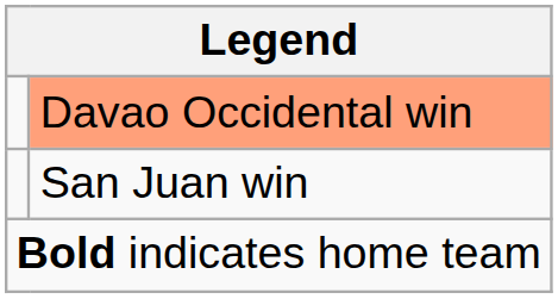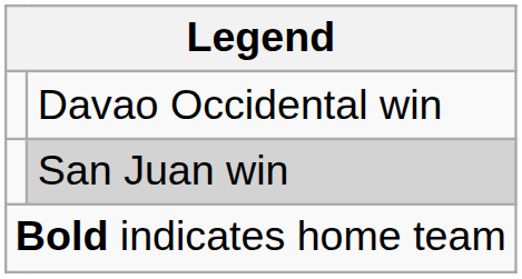 <table class="wikitable">
 <tr>
 <th colspan="4">Legend</th>
 </tr>
 <tr>
 <td></td>
-<td style="background: lightsalmon;">Davao Occidental win</td>
+<td>Davao Occidental win</td>
 </tr>
 <tr>
 <td></td>
-<td>San Juan win</td>
+<td style="background: lightgrey;">San Juan win</td>
 </tr>
 <tr>
 <td colspan="2"><strong>Bold</strong> indicates home team</td>
 </tr>
 </table>
